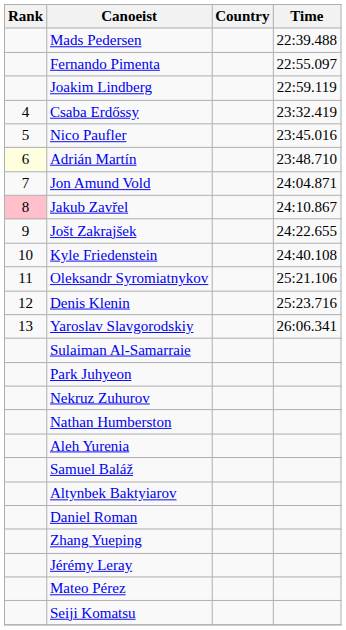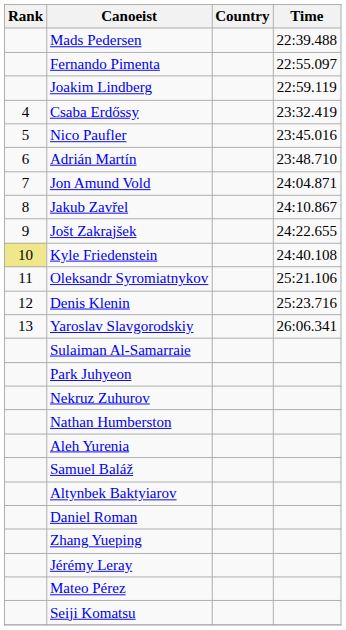 <table class="wikitable sortable" style="text-align:center">
 <tr>
 <th>Rank</th>
 <th>Canoeist</th>
 <th>Country</th>
 <th>Time</th>
 </tr>
 <tr>
 <td></td>
 <td align="left"><a href='#'>Mads Pedersen</a></td>
 <td align="left"></td>
 <td>22:39.488</td>
 </tr>
 <tr>
 <td></td>
 <td align="left"><a href='#'>Fernando Pimenta</a></td>
 <td align="left"></td>
 <td>22:55.097</td>
 </tr>
 <tr>
 <td></td>
 <td align="left"><a href='#'>Joakim Lindberg</a></td>
 <td align="left"></td>
 <td>22:59.119</td>
 </tr>
 <tr>
 <td>4</td>
 <td align="left"><a href='#'>Csaba Erdőssy</a></td>
 <td align="left"></td>
 <td>23:32.419</td>
 </tr>
 <tr>
 <td>5</td>
 <td align="left"><a href='#'>Nico Paufler</a></td>
 <td align="left"></td>
 <td>23:45.016</td>
 </tr>
 <tr>
-<td style="background: lightyellow;">6</td>
+<td>6</td>
 <td align="left"><a href='#'>Adrián Martín</a></td>
 <td align="left"></td>
 <td>23:48.710</td>
 </tr>
 <tr>
 <td>7</td>
 <td align="left"><a href='#'>Jon Amund Vold</a></td>
 <td align="left"></td>
 <td>24:04.871</td>
 </tr>
 <tr>
-<td style="background: pink;">8</td>
+<td>8</td>
 <td align="left"><a href='#'>Jakub Zavřel</a></td>
 <td align="left"></td>
 <td>24:10.867</td>
 </tr>
 <tr>
 <td>9</td>
 <td align="left"><a href='#'>Jošt Zakrajšek</a></td>
 <td align="left"></td>
 <td>24:22.655</td>
 </tr>
 <tr>
-<td>10</td>
+<td style="background: khaki;">10</td>
 <td align="left"><a href='#'>Kyle Friedenstein</a></td>
 <td align="left"></td>
 <td>24:40.108</td>
 </tr>
 <tr>
 <td>11</td>
 <td align="left"><a href='#'>Oleksandr Syromiatnykov</a></td>
 <td align="left"></td>
 <td>25:21.106</td>
 </tr>
 <tr>
 <td>12</td>
 <td align="left"><a href='#'>Denis Klenin</a></td>
 <td align="left"></td>
 <td>25:23.716</td>
 </tr>
 <tr>
 <td>13</td>
 <td align="left"><a href='#'>Yaroslav Slavgorodskiy</a></td>
 <td align="left"></td>
 <td>26:06.341</td>
 </tr>
 <tr>
 <td></td>
 <td align="left"><a href='#'>Sulaiman Al-Samarraie</a></td>
 <td align="left"></td>
 <td></td>
 </tr>
 <tr>
 <td></td>
 <td align="left"><a href='#'>Park Juhyeon</a></td>
 <td align="left"></td>
 <td></td>
 </tr>
 <tr>
 <td></td>
 <td align="left"><a href='#'>Nekruz Zuhurov</a></td>
 <td align="left"></td>
 <td></td>
 </tr>
 <tr>
 <td></td>
 <td align="left"><a href='#'>Nathan Humberston</a></td>
 <td align="left"></td>
 <td></td>
 </tr>
 <tr>
 <td></td>
 <td align="left"><a href='#'>Aleh Yurenia</a></td>
 <td align="left"></td>
 <td></td>
 </tr>
 <tr>
 <td></td>
 <td align="left"><a href='#'>Samuel Baláž</a></td>
 <td align="left"></td>
 <td></td>
 </tr>
 <tr>
 <td></td>
 <td align="left"><a href='#'>Altynbek Baktyiarov</a></td>
 <td align="left"></td>
 <td></td>
 </tr>
 <tr>
 <td></td>
 <td align="left"><a href='#'>Daniel Roman</a></td>
 <td align="left"></td>
 <td></td>
 </tr>
 <tr>
 <td></td>
 <td align="left"><a href='#'>Zhang Yueping</a></td>
 <td align="left"></td>
 <td></td>
 </tr>
 <tr>
 <td></td>
 <td align="left"><a href='#'>Jérémy Leray</a></td>
 <td align="left"></td>
 <td></td>
 </tr>
 <tr>
 <td></td>
 <td align="left"><a href='#'>Mateo Pérez</a></td>
 <td align="left"></td>
 <td></td>
 </tr>
 <tr>
 <td></td>
 <td align="left"><a href='#'>Seiji Komatsu</a></td>
 <td align="left"></td>
 <td></td>
 </tr>
 <tr>
 </tr>
 </table>
